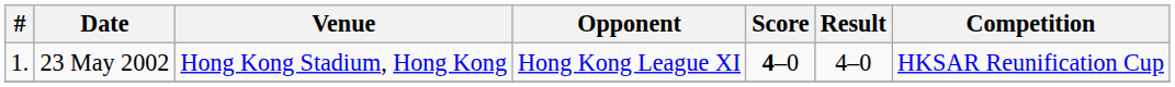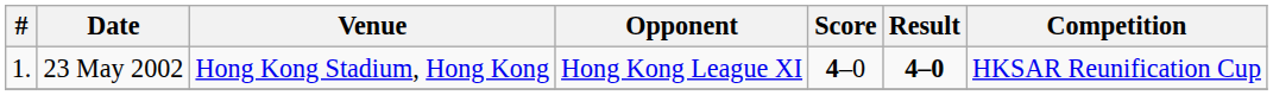 <table class="wikitable">
 <tr>
 <th>#</th>
 <th>Date</th>
 <th>Venue</th>
 <th>Opponent</th>
 <th>Score</th>
 <th>Result</th>
 <th>Competition</th>
 </tr>
 <tr>
 <td>1.</td>
 <td>23 May 2002</td>
 <td><a href='#'>Hong Kong Stadium</a>, <a href='#'>Hong Kong</a></td>
 <td><a href='#'>Hong Kong League XI</a></td>
 <td align=center><strong>4</strong>–0</td>
-<td align=center>4–0</td>
+<td align=center><strong>4–0</strong></td>
 <td><a href='#'>HKSAR Reunification Cup</a></td>
 </tr>
 <tr>
 </tr>
 </table>
